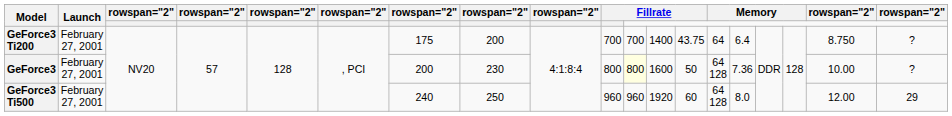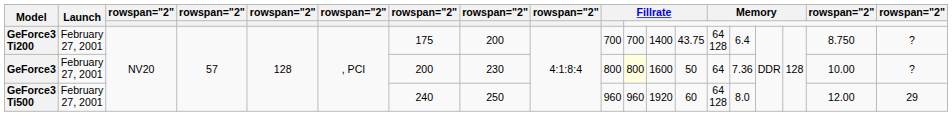 <table class="mw-datatable wikitable sortable" style="font-size:85%; text-align:center;">
 <tr>
 <th rowspan="2" style="vertical-align: bottom">Model</th>
 <th rowspan="2" style="vertical-align: bottom">Launch</th>
 <th>rowspan="2" </th>
 <th>rowspan="2" </th>
 <th>rowspan="2" </th>
 <th>rowspan="2" </th>
 <th>rowspan="2" </th>
 <th>rowspan="2" </th>
 <th>rowspan="2" </th>
 <th colspan="4"><a href='#'>Fillrate</a></th>
 <th colspan="4">Memory</th>
 <th>rowspan="2" </th>
 <th>rowspan="2" </th>
 </tr>
 <tr>
 <th></th>
 <th></th>
 <th></th>
 <th></th>
 <th></th>
 <th></th>
 <th></th>
 <th></th>
 </tr>
 <tr>
 <th style="text-align:left">GeForce3 Ti200</th>
 <td>February 27, 2001</td>
 <td rowspan="3">NV20</td>
 <td rowspan="3">57</td>
 <td rowspan="3">128</td>
 <td rowspan="3">, PCI</td>
 <td>175</td>
 <td>200</td>
 <td rowspan="3">4:1:8:4</td>
 <td>700</td>
 <td>700</td>
 <td>1400</td>
 <td>43.75</td>
-<td>64</td>
+<td>64<br>128</td>
 <td>6.4</td>
 <td rowspan="3">DDR</td>
 <td rowspan="3">128</td>
 <td>8.750</td>
 <td>?</td>
 </tr>
 <tr>
 <th style="text-align:left">GeForce3</th>
 <td>February 27, 2001</td>
 <td>200</td>
 <td>230</td>
 <td>800</td>
 <td style="background: lightyellow;">800</td>
 <td>1600</td>
 <td>50</td>
-<td>64<br>128</td>
+<td>64</td>
 <td>7.36</td>
 <td>10.00</td>
 <td>?</td>
 </tr>
 <tr>
 <th style="text-align:left">GeForce3 Ti500</th>
 <td>February 27, 2001</td>
 <td>240</td>
 <td>250</td>
 <td>960</td>
 <td>960</td>
 <td>1920</td>
 <td>60</td>
 <td>64<br>128</td>
 <td>8.0</td>
 <td>12.00</td>
 <td>29</td>
 </tr>
 </table>
